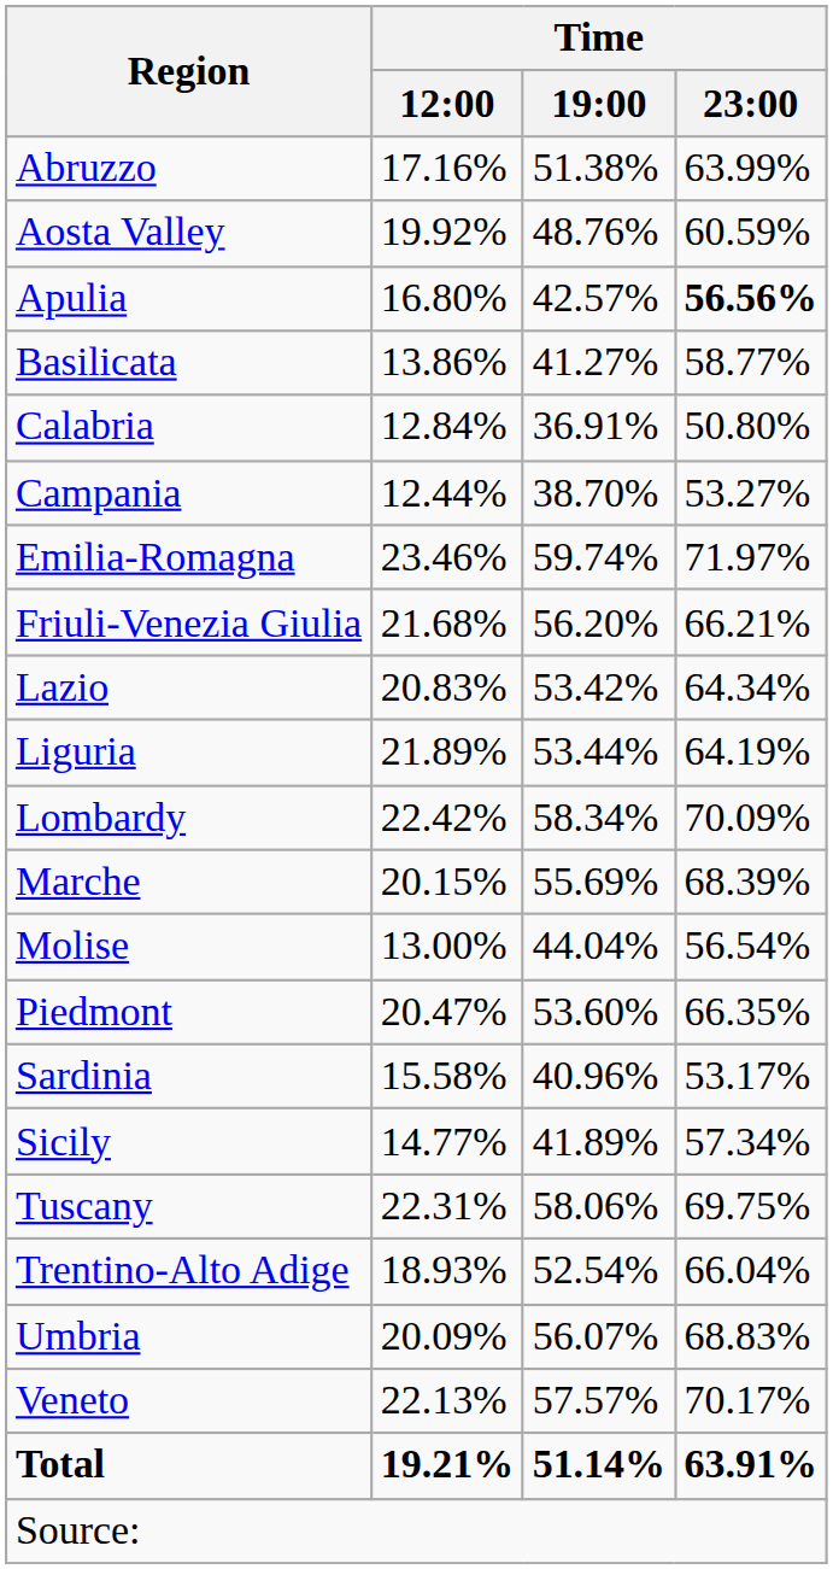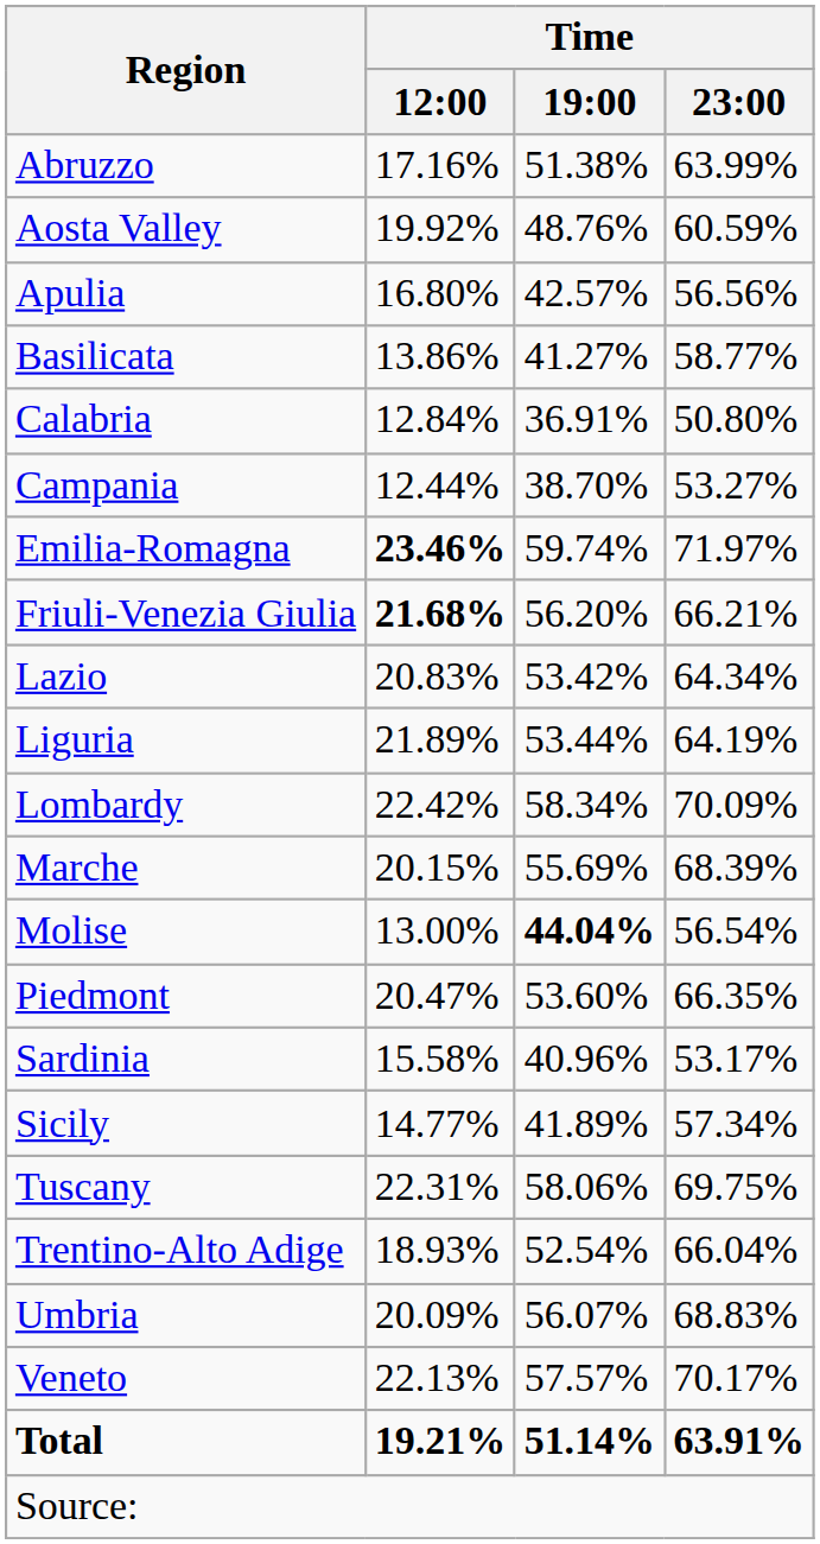 <table class="wikitable sortable mw-collapsible mw-collapsed" style=text-align:left>
 <tr>
 <th rowspan=2>Region</th>
 <th colspan=3>Time</th>
 </tr>
 <tr>
 <th>12:00</th>
 <th>19:00</th>
 <th>23:00</th>
 </tr>
 <tr>
 <td><a href='#'>Abruzzo</a></td>
 <td>17.16%</td>
 <td>51.38%</td>
 <td>63.99%</td>
 </tr>
 <tr>
 <td><a href='#'>Aosta Valley</a></td>
 <td>19.92%</td>
 <td>48.76%</td>
 <td>60.59%</td>
 </tr>
 <tr>
 <td><a href='#'>Apulia</a></td>
 <td>16.80%</td>
 <td>42.57%</td>
-<td><strong>56.56%</strong></td>
+<td>56.56%</td>
 </tr>
 <tr>
 <td><a href='#'>Basilicata</a></td>
 <td>13.86%</td>
 <td>41.27%</td>
 <td>58.77%</td>
 </tr>
 <tr>
 <td><a href='#'>Calabria</a></td>
 <td>12.84%</td>
 <td>36.91%</td>
 <td>50.80%</td>
 </tr>
 <tr>
 <td><a href='#'>Campania</a></td>
 <td>12.44%</td>
 <td>38.70%</td>
 <td>53.27%</td>
 </tr>
 <tr>
 <td><a href='#'>Emilia-Romagna</a></td>
-<td>23.46%</td>
+<td><strong>23.46%</strong></td>
 <td>59.74%</td>
 <td>71.97%</td>
 </tr>
 <tr>
 <td><a href='#'>Friuli-Venezia Giulia</a></td>
-<td>21.68%</td>
+<td><strong>21.68%</strong></td>
 <td>56.20%</td>
 <td>66.21%</td>
 </tr>
 <tr>
 <td><a href='#'>Lazio</a></td>
 <td>20.83%</td>
 <td>53.42%</td>
 <td>64.34%</td>
 </tr>
 <tr>
 <td><a href='#'>Liguria</a></td>
 <td>21.89%</td>
 <td>53.44%</td>
 <td>64.19%</td>
 </tr>
 <tr>
 <td><a href='#'>Lombardy</a></td>
 <td>22.42%</td>
 <td>58.34%</td>
 <td>70.09%</td>
 </tr>
 <tr>
 <td><a href='#'>Marche</a></td>
 <td>20.15%</td>
 <td>55.69%</td>
 <td>68.39%</td>
 </tr>
 <tr>
 <td><a href='#'>Molise</a></td>
 <td>13.00%</td>
-<td>44.04%</td>
+<td><strong>44.04%</strong></td>
 <td>56.54%</td>
 </tr>
 <tr>
 <td><a href='#'>Piedmont</a></td>
 <td>20.47%</td>
 <td>53.60%</td>
 <td>66.35%</td>
 </tr>
 <tr>
 <td><a href='#'>Sardinia</a></td>
 <td>15.58%</td>
 <td>40.96%</td>
 <td>53.17%</td>
 </tr>
 <tr>
 <td><a href='#'>Sicily</a></td>
 <td>14.77%</td>
 <td>41.89%</td>
 <td>57.34%</td>
 </tr>
 <tr>
 <td><a href='#'>Tuscany</a></td>
 <td>22.31%</td>
 <td>58.06%</td>
 <td>69.75%</td>
 </tr>
 <tr>
 <td><a href='#'>Trentino-Alto Adige</a></td>
 <td>18.93%</td>
 <td>52.54%</td>
 <td>66.04%</td>
 </tr>
 <tr>
 <td><a href='#'>Umbria</a></td>
 <td>20.09%</td>
 <td>56.07%</td>
 <td>68.83%</td>
 </tr>
 <tr>
 <td><a href='#'>Veneto</a></td>
 <td>22.13%</td>
 <td>57.57%</td>
 <td>70.17%</td>
 </tr>
 <tr>
 <td><strong>Total</strong></td>
 <td><strong>19.21%</strong></td>
 <td><strong>51.14%</strong></td>
 <td><strong>63.91%</strong></td>
 </tr>
 <tr class="sortbottom">
 <td colspan=4>Source:  </td>
 </tr>
 </table>
